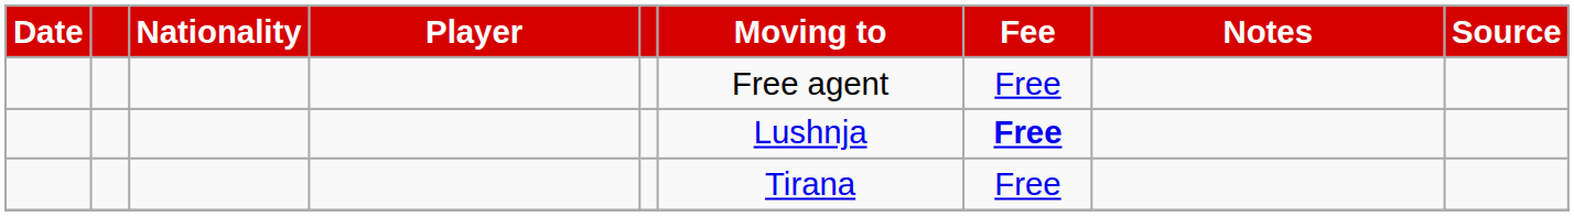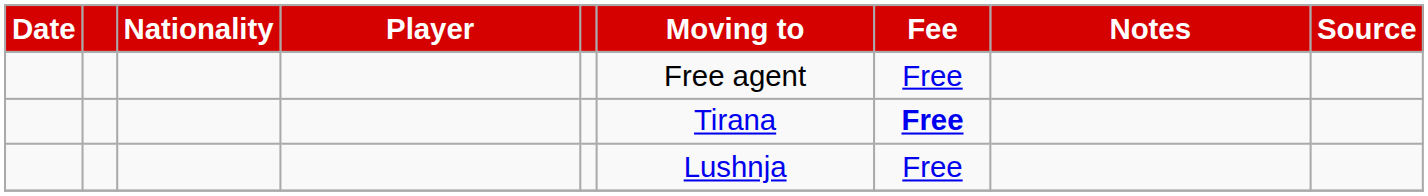 <table class="wikitable"  style="text-align:center; font-size:90%; ">
 <tr>
 <th style="background:#d50000; color:white; width:15px;">Date</th>
 <th style="background:#d50000; color:white; width:10px;"></th>
 <th style="background:#d50000; color:white; width:10px;">Nationality</th>
 <th style="background:#d50000; color:white; width:140px;">Player</th>
 <th style="background:#d50000; color:white; width:1px;"></th>
 <th style="background:#d50000; color:white; width:130px;">Moving to</th>
 <th style="background:#d50000; color:white; width:50px;">Fee</th>
 <th style="background:#d50000; color:white; width:150px;">Notes</th>
 <th style="background:#d50000; color:white; width:25px;">Source</th>
 </tr>
 <tr>
 <td></td>
 <td align=center></td>
 <td></td>
 <td></td>
 <td></td>
 <td>Free agent</td>
 <td align=center><a href='#'>Free</a></td>
 <td align=center></td>
 <td align=center></td>
 </tr>
 <tr>
 <td></td>
 <td align=center></td>
 <td></td>
 <td></td>
 <td></td>
-<td><a href='#'>Lushnja</a></td>
+<td><a href='#'>Tirana</a></td>
 <td align=center><strong><a href='#'>Free</a></strong></td>
 <td align=center></td>
 <td align=center></td>
 </tr>
 <tr>
 <td></td>
 <td align=center></td>
 <td></td>
 <td></td>
 <td></td>
-<td><a href='#'>Tirana</a></td>
+<td><a href='#'>Lushnja</a></td>
 <td align=center><a href='#'>Free</a></td>
 <td align=center></td>
 <td align=center></td>
 </tr>
 <tr>
 </tr>
 </table>
